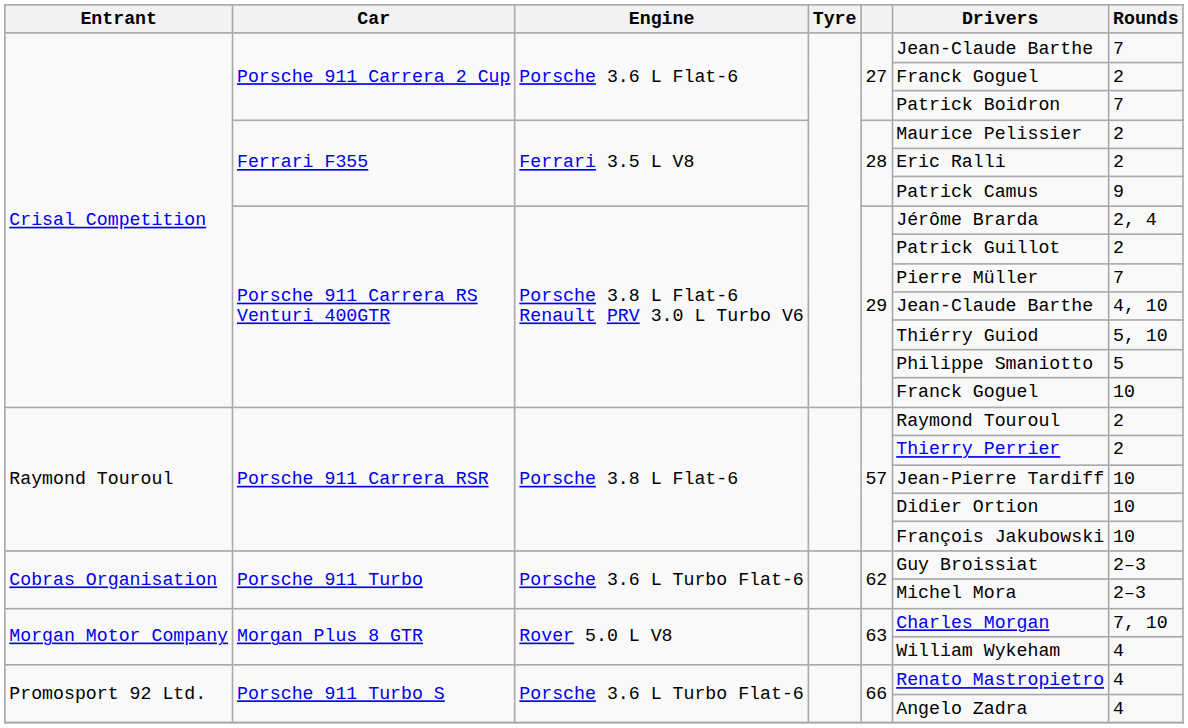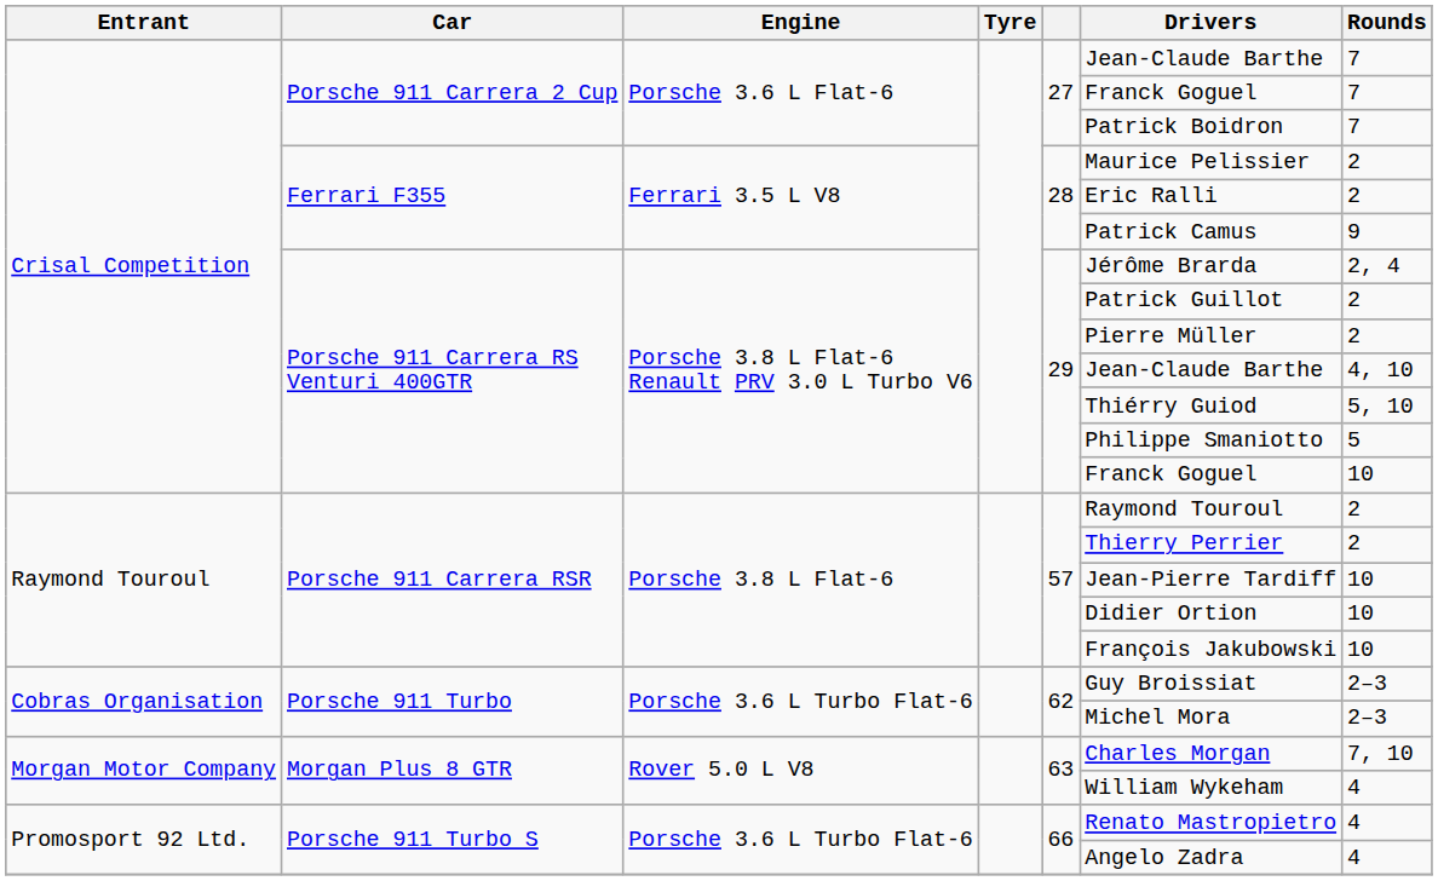 <table class="wikitable" style="font-size: 85%">
 <tr>
 <th>Entrant</th>
 <th>Car</th>
 <th>Engine</th>
 <th>Tyre</th>
 <th></th>
 <th>Drivers</th>
 <th>Rounds</th>
 </tr>
 <tr>
 <td rowspan=13> <a href='#'>Crisal Competition</a></td>
 <td rowspan=3><a href='#'>Porsche 911 Carrera 2 Cup</a></td>
 <td rowspan=3><a href='#'>Porsche</a> 3.6 L Flat-6</td>
 <td rowspan=13></td>
 <td rowspan=3>27</td>
 <td> Jean-Claude Barthe</td>
 <td>7</td>
 </tr>
 <tr>
 <td> Franck Goguel</td>
-<td>2</td>
+<td>7</td>
 </tr>
 <tr>
 <td> Patrick Boidron</td>
 <td>7</td>
 </tr>
 <tr>
 <td rowspan=3><a href='#'>Ferrari F355</a></td>
 <td rowspan=3><a href='#'>Ferrari</a> 3.5 L V8</td>
 <td rowspan=3>28</td>
 <td> Maurice Pelissier</td>
 <td>2</td>
 </tr>
 <tr>
 <td> Eric Ralli</td>
 <td>2</td>
 </tr>
 <tr>
 <td> Patrick Camus</td>
 <td>9</td>
 </tr>
 <tr>
 <td rowspan=7><a href='#'>Porsche 911 Carrera RS</a><br><a href='#'>Venturi 400GTR</a></td>
 <td rowspan=7><a href='#'>Porsche</a> 3.8 L Flat-6<br><a href='#'>Renault</a> <a href='#'>PRV</a> 3.0 L Turbo V6</td>
 <td rowspan=7>29</td>
 <td> Jérôme Brarda</td>
 <td>2, 4</td>
 </tr>
 <tr>
 <td> Patrick Guillot</td>
 <td>2</td>
 </tr>
 <tr>
 <td> Pierre Müller</td>
-<td>7</td>
+<td>2</td>
 </tr>
 <tr>
 <td> Jean-Claude Barthe</td>
 <td>4, 10</td>
 </tr>
 <tr>
 <td> Thiérry Guiod</td>
 <td>5, 10</td>
 </tr>
 <tr>
 <td> Philippe Smaniotto</td>
 <td>5</td>
 </tr>
 <tr>
 <td> Franck Goguel</td>
 <td>10</td>
 </tr>
 <tr>
 <td rowspan=5> Raymond Touroul</td>
 <td rowspan=5><a href='#'>Porsche 911 Carrera RSR</a></td>
 <td rowspan=5><a href='#'>Porsche</a> 3.8 L Flat-6</td>
 <td rowspan=5></td>
 <td rowspan=5>57</td>
 <td> Raymond Touroul</td>
 <td>2</td>
 </tr>
 <tr>
 <td> <a href='#'>Thierry Perrier</a></td>
 <td>2</td>
 </tr>
 <tr>
 <td> Jean-Pierre Tardiff</td>
 <td>10</td>
 </tr>
 <tr>
 <td> Didier Ortion</td>
 <td>10</td>
 </tr>
 <tr>
 <td> François Jakubowski</td>
 <td>10</td>
 </tr>
 <tr>
 <td rowspan=2> <a href='#'>Cobras Organisation</a></td>
 <td rowspan=2><a href='#'>Porsche 911 Turbo</a></td>
 <td rowspan=2><a href='#'>Porsche</a> 3.6 L Turbo Flat-6</td>
 <td rowspan=2></td>
 <td rowspan=2>62</td>
 <td> Guy Broissiat</td>
 <td>2–3</td>
 </tr>
 <tr>
 <td> Michel Mora</td>
 <td>2–3</td>
 </tr>
 <tr>
 <td rowspan=2> <a href='#'>Morgan Motor Company</a></td>
 <td rowspan=2><a href='#'>Morgan Plus 8 GTR</a></td>
 <td rowspan=2><a href='#'>Rover</a> 5.0 L V8</td>
 <td rowspan=2></td>
 <td rowspan=2>63</td>
 <td> <a href='#'>Charles Morgan</a></td>
 <td>7, 10</td>
 </tr>
 <tr>
 <td> William Wykeham</td>
 <td>4</td>
 </tr>
 <tr>
 <td rowspan=2> Promosport 92 Ltd.</td>
 <td rowspan=2><a href='#'>Porsche 911 Turbo S</a></td>
 <td rowspan=2><a href='#'>Porsche</a> 3.6 L Turbo Flat-6</td>
 <td rowspan=2></td>
 <td rowspan=2>66</td>
 <td> <a href='#'>Renato Mastropietro</a></td>
 <td>4</td>
 </tr>
 <tr>
 <td> Angelo Zadra</td>
 <td>4</td>
 </tr>
 <tr>
 </tr>
 </table>
